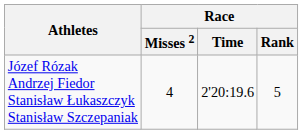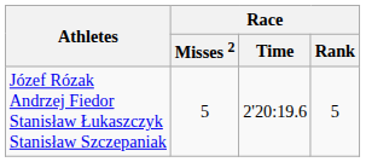 <table class="wikitable" border="1" style="font-size:90%">
 <tr>
 <th rowspan=2>Athletes</th>
 <th colspan=3>Race</th>
 </tr>
 <tr>
 <th>Misses <sup>2</sup></th>
 <th>Time</th>
 <th>Rank</th>
 </tr>
 <tr>
 <td><a href='#'>Józef Rózak</a><br><a href='#'>Andrzej Fiedor</a><br><a href='#'>Stanisław Łukaszczyk</a><br><a href='#'>Stanisław Szczepaniak</a></td>
-<td align=center>4</td>
+<td align=center>5</td>
 <td align=center>2'20:19.6</td>
 <td align=center>5</td>
 </tr>
 </table>
